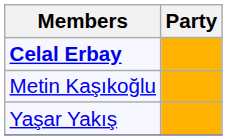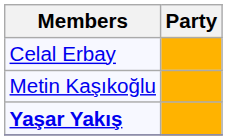 <table class=wikitable style="border:1px solid #8888aa; background-color:#f7f8ff; padding:0px; font-size:90%;">
 <tr>
 <th>Members</th>
 <th colspan="2">Party</th>
 </tr>
 <tr>
-<td><strong><a href='#'>Celal Erbay</a></strong></td>
+<td><a href='#'>Celal Erbay</a></td>
 <td style="background: #ffb300"></td>
 </tr>
 <tr>
 <td><a href='#'>Metin Kaşıkoğlu</a></td>
 <td style="background: #ffb300"></td>
 </tr>
 <tr>
-<td><a href='#'>Yaşar Yakış</a></td>
+<td><strong><a href='#'>Yaşar Yakış</a></strong></td>
 <td style="background: #ffb300"></td>
 </tr>
 <tr>
 </tr>
 </table>
